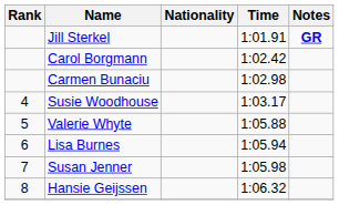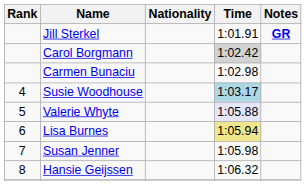 <table class="wikitable sortable" style="text-align:center">
 <tr>
 <th>Rank</th>
 <th>Name</th>
 <th>Nationality</th>
 <th>Time</th>
 <th>Notes</th>
 </tr>
 <tr>
 <td></td>
 <td align="left"><a href='#'>Jill Sterkel</a></td>
 <td align="left"></td>
 <td>1:01.91</td>
 <td><strong><a href='#'>GR</a></strong></td>
 </tr>
 <tr>
 <td></td>
 <td align="left"><a href='#'>Carol Borgmann</a></td>
 <td align="left"></td>
-<td>1:02.42</td>
+<td style="background: lightgrey;">1:02.42</td>
 <td></td>
 </tr>
 <tr>
 <td></td>
 <td align="left"><a href='#'>Carmen Bunaciu</a></td>
 <td align="left"></td>
 <td>1:02.98</td>
 <td></td>
 </tr>
 <tr>
 <td>4</td>
 <td align="left"><a href='#'>Susie Woodhouse</a></td>
 <td align="left"></td>
-<td>1:03.17</td>
+<td style="background: lightblue;">1:03.17</td>
 <td></td>
 </tr>
 <tr>
 <td>5</td>
 <td align="left"><a href='#'>Valerie Whyte</a></td>
 <td align="left"></td>
-<td>1:05.88</td>
+<td style="background: lavender;">1:05.88</td>
 <td></td>
 </tr>
 <tr>
 <td>6</td>
 <td align="left"><a href='#'>Lisa Burnes</a></td>
 <td align="left"></td>
-<td>1:05.94</td>
+<td style="background: khaki;">1:05.94</td>
 <td></td>
 </tr>
 <tr>
 <td>7</td>
 <td align="left"><a href='#'>Susan Jenner</a></td>
 <td align="left"></td>
 <td>1:05.98</td>
 <td></td>
 </tr>
 <tr>
 <td>8</td>
 <td align="left"><a href='#'>Hansie Geijssen</a></td>
 <td align="left"></td>
 <td>1:06.32</td>
 <td></td>
 </tr>
 <tr>
 </tr>
 </table>
